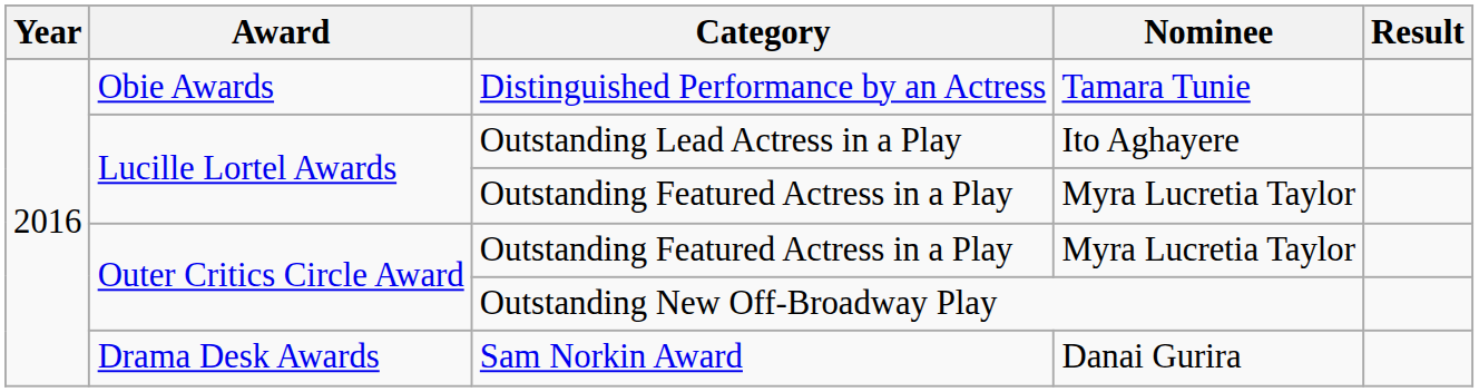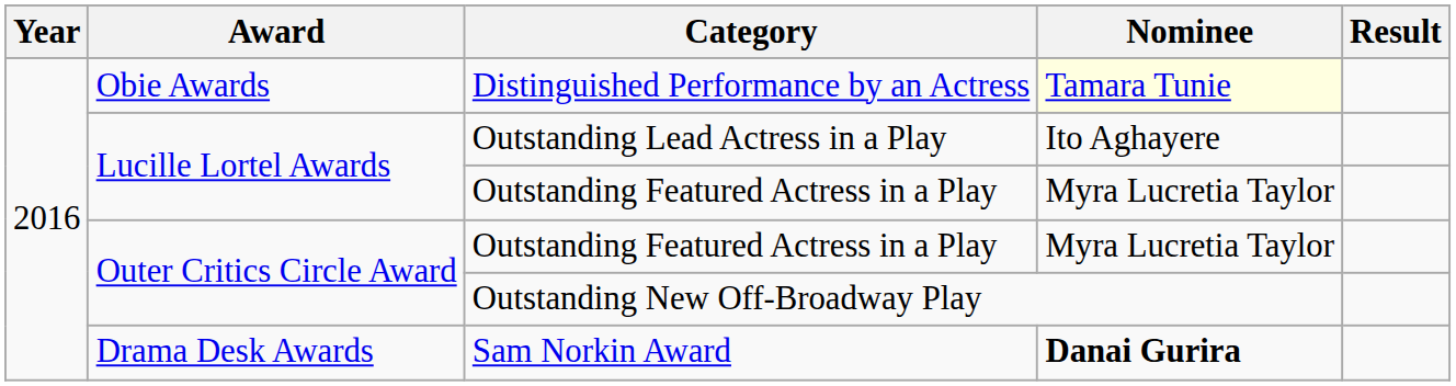 <table class="wikitable">
 <tr>
 <th>Year</th>
 <th>Award</th>
 <th>Category</th>
 <th>Nominee</th>
 <th>Result</th>
 </tr>
 <tr>
 <td rowspan="6">2016</td>
 <td><a href='#'>Obie Awards</a></td>
 <td><a href='#'>Distinguished Performance by an Actress</a></td>
-<td><a href='#'>Tamara Tunie</a></td>
+<td style="background: lightyellow;"><a href='#'>Tamara Tunie</a></td>
 <td></td>
 </tr>
 <tr>
 <td rowspan="2"><a href='#'>Lucille Lortel Awards</a></td>
 <td>Outstanding Lead Actress in a Play</td>
 <td>Ito Aghayere</td>
 <td></td>
 </tr>
 <tr>
 <td>Outstanding Featured Actress in a Play</td>
 <td>Myra Lucretia Taylor</td>
 <td></td>
 </tr>
 <tr>
 <td rowspan="2"><a href='#'>Outer Critics Circle Award</a></td>
 <td>Outstanding Featured Actress in a Play</td>
 <td>Myra Lucretia Taylor</td>
 <td></td>
 </tr>
 <tr>
 <td colspan="2">Outstanding New Off-Broadway Play</td>
 <td></td>
 </tr>
 <tr>
 <td><a href='#'>Drama Desk Awards</a></td>
 <td><a href='#'>Sam Norkin Award</a></td>
-<td>Danai Gurira</td>
+<td><strong>Danai Gurira</strong></td>
 <td></td>
 </tr>
 </table>
